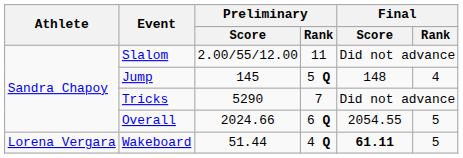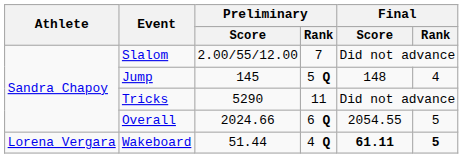 <table class=wikitable style=font-size:90%;text-align:center>
 <tr>
 <th rowspan=2>Athlete</th>
 <th rowspan=2>Event</th>
 <th colspan=2>Preliminary</th>
 <th colspan=2>Final</th>
 </tr>
 <tr style=font-size:95%>
 <th>Score</th>
 <th>Rank</th>
 <th>Score</th>
 <th>Rank</th>
 </tr>
 <tr>
 <td align=left rowspan=4><a href='#'>Sandra Chapoy</a></td>
 <td align=left><a href='#'>Slalom</a></td>
 <td>2.00/55/12.00</td>
-<td>11</td>
+<td>7</td>
 <td colspan=2>Did not advance</td>
 </tr>
 <tr>
 <td align=left><a href='#'>Jump</a></td>
 <td>145</td>
 <td>5 <strong>Q</strong></td>
 <td>148</td>
 <td>4</td>
 </tr>
 <tr>
 <td align=left><a href='#'>Tricks</a></td>
 <td>5290</td>
-<td>7</td>
+<td>11</td>
 <td colspan=2>Did not advance</td>
 </tr>
 <tr>
 <td align=left><a href='#'>Overall</a></td>
 <td>2024.66</td>
 <td>6 <strong>Q</strong></td>
 <td>2054.55</td>
 <td>5</td>
 </tr>
 <tr>
 <td align=left><a href='#'>Lorena Vergara</a></td>
 <td align=left><a href='#'>Wakeboard</a></td>
 <td>51.44</td>
 <td>4 <strong>Q</strong></td>
 <td><strong>61.11</strong></td>
-<td>5</td>
+<td><strong>5</strong></td>
 </tr>
 </table>
